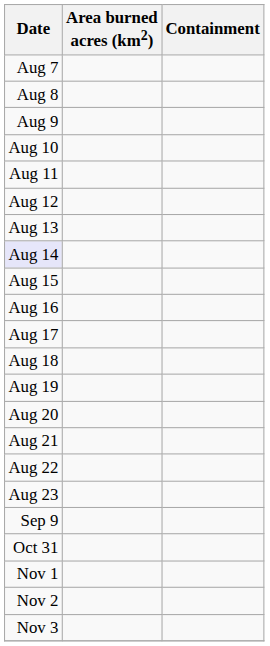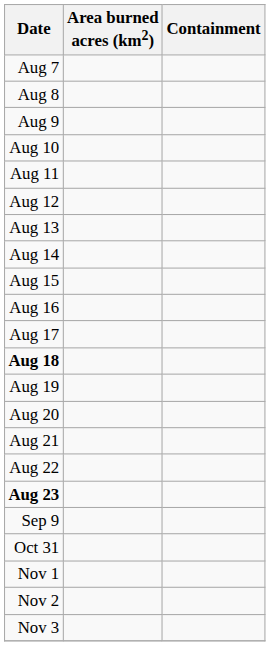 <table class="wikitable" style="text-align: right;">
 <tr>
 <th>Date</th>
 <th>Area burned<br>acres (km<sup>2</sup>)</th>
 <th>Containment</th>
 </tr>
 <tr>
 <td>Aug 7</td>
 <td></td>
 <td style="text-align: left;"></td>
 </tr>
 <tr>
 <td>Aug 8</td>
 <td></td>
 <td style="text-align: left;"></td>
 </tr>
 <tr>
 <td>Aug 9</td>
 <td></td>
 <td style="text-align: left;"></td>
 </tr>
 <tr>
 <td>Aug 10</td>
 <td></td>
 <td style="text-align: left;"></td>
 </tr>
 <tr>
 <td>Aug 11</td>
 <td></td>
 <td style="text-align: left;"></td>
 </tr>
 <tr>
 <td>Aug 12</td>
 <td></td>
 <td style="text-align: left;"></td>
 </tr>
 <tr>
 <td>Aug 13</td>
 <td></td>
 <td style="text-align: left;"></td>
 </tr>
 <tr>
-<td style="background: lavender;">Aug 14</td>
+<td>Aug 14</td>
 <td></td>
 <td style="text-align: left;"></td>
 </tr>
 <tr>
 <td>Aug 15</td>
 <td></td>
 <td style="text-align: left;"></td>
 </tr>
 <tr>
 <td>Aug 16</td>
 <td></td>
 <td style="text-align: left;"></td>
 </tr>
 <tr>
 <td>Aug 17</td>
 <td></td>
 <td style="text-align: left;"></td>
 </tr>
 <tr>
-<td>Aug 18</td>
+<td><strong>Aug 18</strong></td>
 <td></td>
 <td style="text-align: left;"></td>
 </tr>
 <tr>
 <td>Aug 19</td>
 <td></td>
 <td style="text-align: left;"></td>
 </tr>
 <tr>
 <td>Aug 20</td>
 <td></td>
 <td style="text-align: left;"></td>
 </tr>
 <tr>
 <td>Aug 21</td>
 <td></td>
 <td style="text-align: left;"></td>
 </tr>
 <tr>
 <td>Aug 22</td>
 <td></td>
 <td style="text-align: left;"></td>
 </tr>
 <tr>
-<td>Aug 23</td>
+<td><strong>Aug 23</strong></td>
 <td></td>
 <td style="text-align: left;"></td>
 </tr>
 <tr>
 <td>Sep 9</td>
 <td></td>
 <td style="text-align: left;"></td>
 </tr>
 <tr>
 <td>Oct 31</td>
 <td></td>
 <td style="text-align: left;"></td>
 </tr>
 <tr>
 <td>Nov 1</td>
 <td></td>
 <td style="text-align: left;"></td>
 </tr>
 <tr>
 <td>Nov 2</td>
 <td></td>
 <td style="text-align: left;"></td>
 </tr>
 <tr>
 <td>Nov 3</td>
 <td></td>
 <td style="text-align: left;"></td>
 </tr>
 <tr>
 </tr>
 </table>
